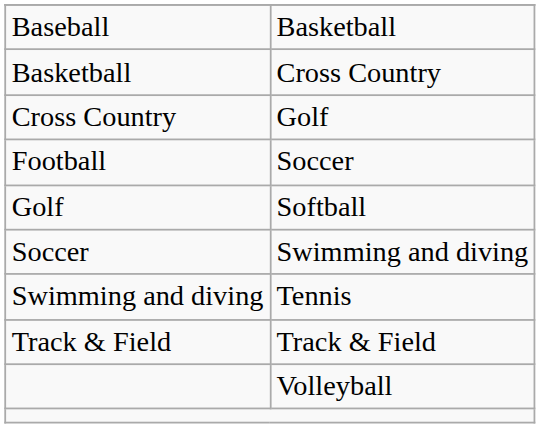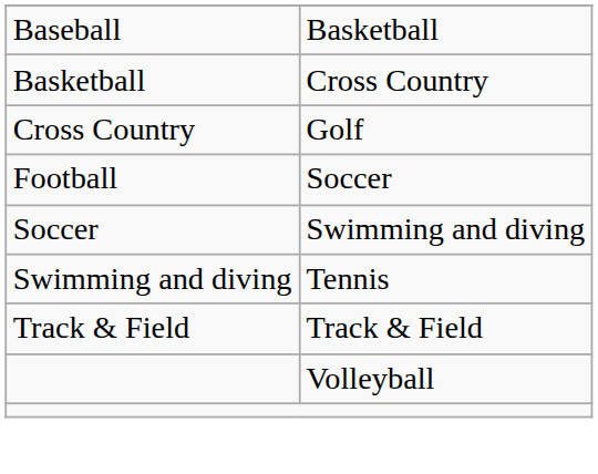 <table class="wikitable" style="float:center; clear:center; margin:0 0 1em 1em;">
 <tr>
 </tr>
 <tr>
 <td>Baseball</td>
 <td>Basketball</td>
 </tr>
 <tr>
 <td>Basketball</td>
 <td>Cross Country</td>
 </tr>
 <tr>
 <td>Cross Country</td>
 <td>Golf</td>
 </tr>
 <tr>
 <td>Football</td>
 <td>Soccer</td>
-</tr>
-<tr>
-<td>Golf</td>
-<td>Softball</td>
 </tr>
 <tr>
 <td>Soccer</td>
 <td>Swimming and diving</td>
 </tr>
 <tr>
 <td>Swimming and diving</td>
 <td>Tennis</td>
 </tr>
 <tr>
 <td>Track & Field</td>
 <td>Track & Field</td>
 </tr>
 <tr>
 <td></td>
 <td>Volleyball</td>
 </tr>
 <tr>
 <td colspan="2"></td>
 </tr>
 </table>
